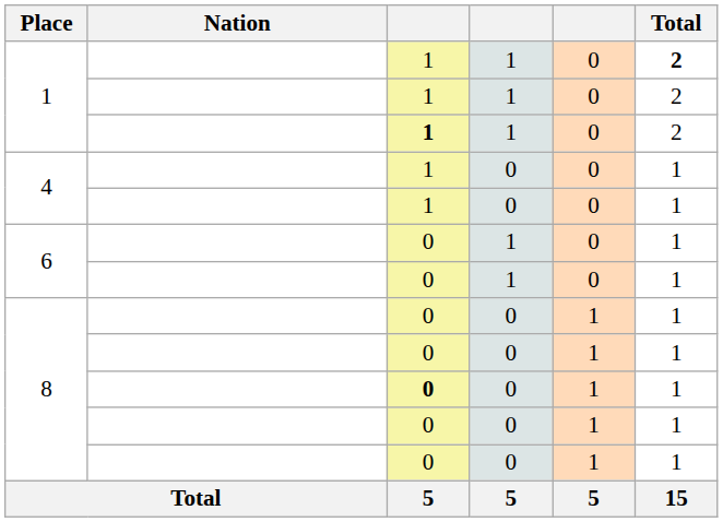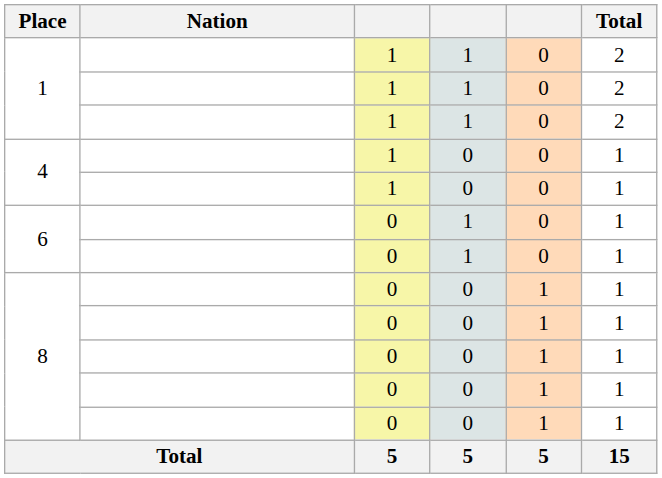 <table class="wikitable" style="border:1px solid #AAAAAA">
 <tr bgcolor="#EFEFEF">
 <th width=50>Place</th>
 <th width=200>Nation</th>
 <th width=50></th>
 <th width=50></th>
 <th width=50></th>
 <th width=50>Total</th>
 </tr>
 <tr align="center" valign="center" bgcolor="#FFFFFF">
 <td rowspan=3>1</td>
 <td align="left"></td>
 <td style="background:#F7F6A8;">1</td>
 <td style="background:#DCE5E5;">1</td>
 <td style="background:#FFDAB9;">0</td>
-<td><strong>2</strong></td>
+<td>2</td>
 </tr>
 <tr align="center" valign="center" bgcolor="#FFFFFF">
 <td align="left"></td>
 <td style="background:#F7F6A8;">1</td>
 <td style="background:#DCE5E5;">1</td>
 <td style="background:#FFDAB9;">0</td>
 <td>2</td>
 </tr>
 <tr align="center" valign="center" bgcolor="#FFFFFF">
 <td align="left"></td>
-<td style="background:#F7F6A8;"><strong>1</strong></td>
+<td style="background:#F7F6A8;">1</td>
 <td style="background:#DCE5E5;">1</td>
 <td style="background:#FFDAB9;">0</td>
 <td>2</td>
 </tr>
 <tr align="center" valign="center" bgcolor="#FFFFFF">
 <td rowspan=2>4</td>
 <td align="left"></td>
 <td style="background:#F7F6A8;">1</td>
 <td style="background:#DCE5E5;">0</td>
 <td style="background:#FFDAB9;">0</td>
 <td>1</td>
 </tr>
 <tr align="center" valign="center" bgcolor="#FFFFFF">
 <td align="left"></td>
 <td style="background:#F7F6A8;">1</td>
 <td style="background:#DCE5E5;">0</td>
 <td style="background:#FFDAB9;">0</td>
 <td>1</td>
 </tr>
 <tr align="center" valign="center" bgcolor="#FFFFFF">
 <td rowspan=2>6</td>
 <td align="left"></td>
 <td style="background:#F7F6A8;">0</td>
 <td style="background:#DCE5E5;">1</td>
 <td style="background:#FFDAB9;">0</td>
 <td>1</td>
 </tr>
 <tr align="center" valign="center" bgcolor="#FFFFFF">
 <td align="left"></td>
 <td style="background:#F7F6A8;">0</td>
 <td style="background:#DCE5E5;">1</td>
 <td style="background:#FFDAB9;">0</td>
 <td>1</td>
 </tr>
 <tr align="center" valign="center" bgcolor="#FFFFFF">
 <td rowspan=5>8</td>
 <td align="left"></td>
 <td style="background:#F7F6A8;">0</td>
 <td style="background:#DCE5E5;">0</td>
 <td style="background:#FFDAB9;">1</td>
 <td>1</td>
 </tr>
 <tr align="center" valign="center" bgcolor="#FFFFFF">
 <td align="left"></td>
 <td style="background:#F7F6A8;">0</td>
 <td style="background:#DCE5E5;">0</td>
 <td style="background:#FFDAB9;">1</td>
 <td>1</td>
 </tr>
 <tr align="center" valign="center" bgcolor="#FFFFFF">
 <td align="left"></td>
-<td style="background:#F7F6A8;"><strong>0</strong></td>
+<td style="background:#F7F6A8;">0</td>
 <td style="background:#DCE5E5;">0</td>
 <td style="background:#FFDAB9;">1</td>
 <td>1</td>
 </tr>
 <tr align="center" valign="center" bgcolor="#FFFFFF">
 <td align="left"></td>
 <td style="background:#F7F6A8;">0</td>
 <td style="background:#DCE5E5;">0</td>
 <td style="background:#FFDAB9;">1</td>
 <td>1</td>
 </tr>
 <tr align="center" valign="center" bgcolor="#FFFFFF">
 <td align="left"></td>
 <td style="background:#F7F6A8;">0</td>
 <td style="background:#DCE5E5;">0</td>
 <td style="background:#FFDAB9;">1</td>
 <td>1</td>
 </tr>
 <tr bgcolor="#EFEFEF">
 <th colspan=2>Total</th>
 <th>5</th>
 <th>5</th>
 <th>5</th>
 <th>15</th>
 </tr>
 </table>
